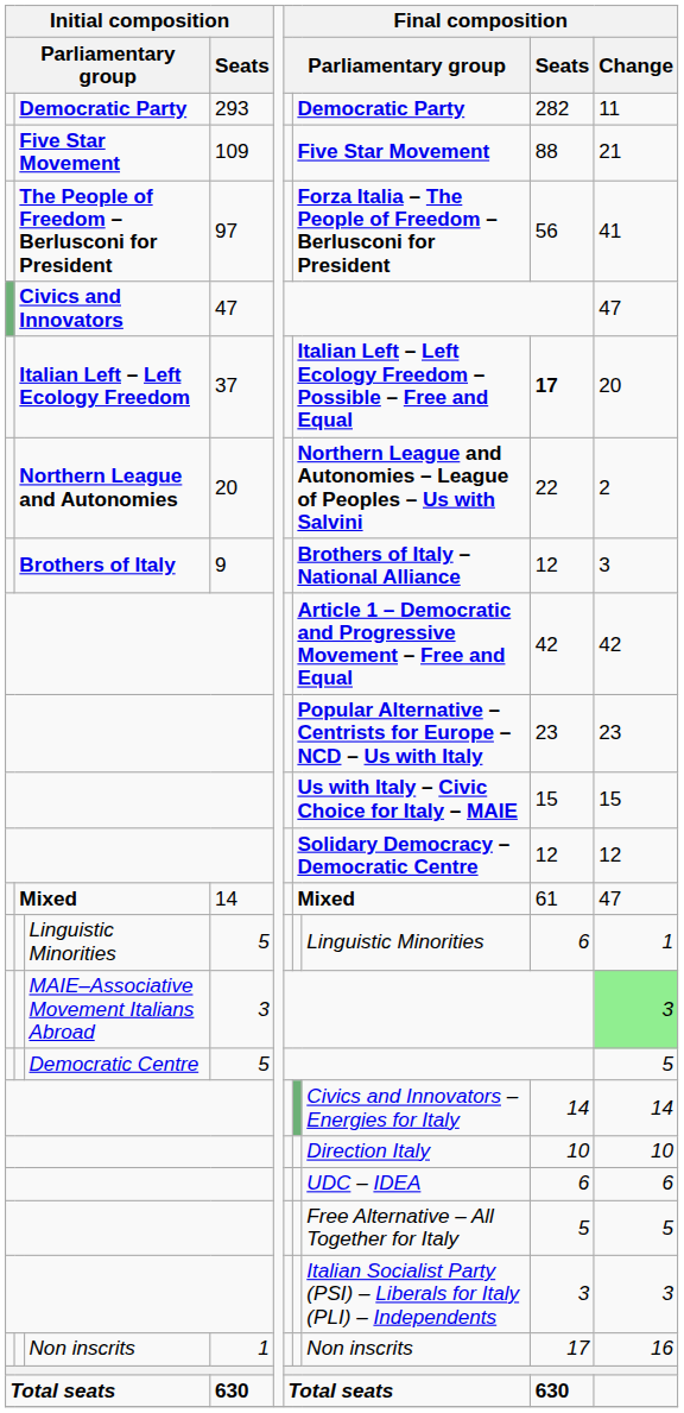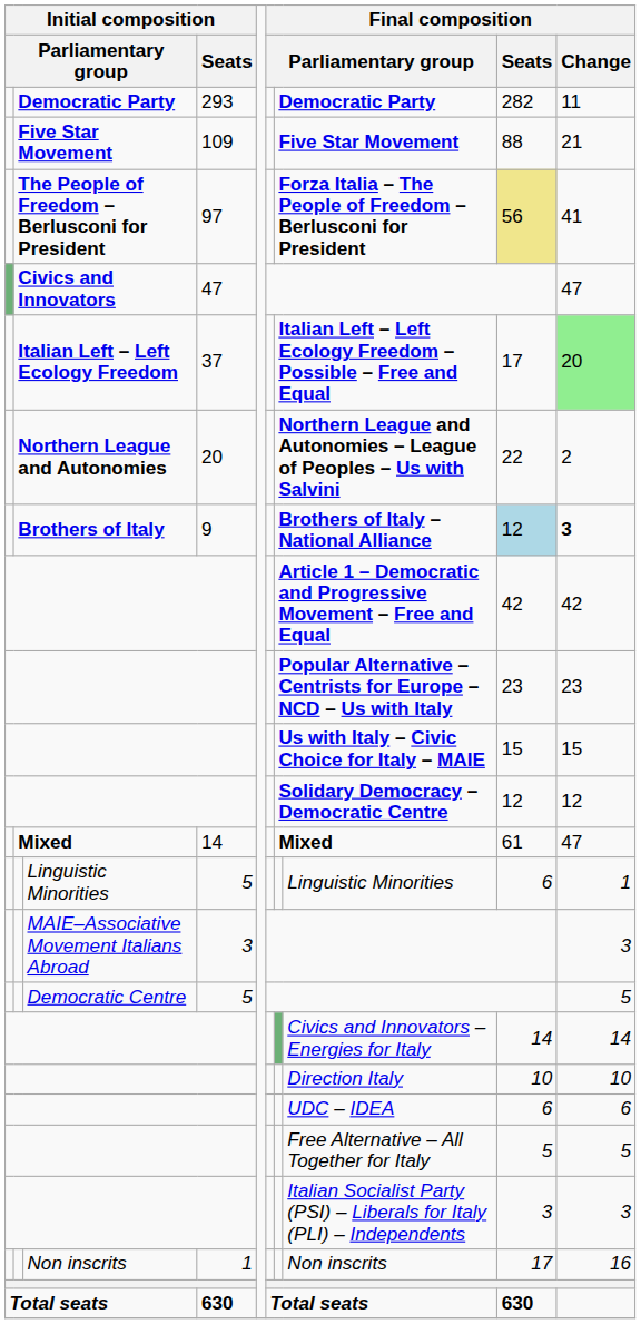 <table class="wikitable" style="width : 60%;">
 <tr>
 <th colspan="4">Initial composition</th>
 <td rowspan="25" style="width : 1%;"></td>
 <th colspan="5">Final composition</th>
 </tr>
 <tr>
 <th colspan="3">Parliamentary group</th>
 <th>Seats</th>
 <th colspan="3">Parliamentary group</th>
 <th>Seats</th>
 <th>Change</th>
 </tr>
 <tr>
 <td></td>
 <td colspan = "2"><strong><a href='#'>Democratic Party</a></strong></td>
 <td>293</td>
 <td></td>
 <td colspan = "2"><strong><a href='#'>Democratic Party</a></strong></td>
 <td>282</td>
 <td> 11</td>
 </tr>
 <tr>
 <td></td>
 <td colspan = "2"><strong><a href='#'>Five Star Movement</a></strong></td>
 <td>109</td>
 <td></td>
 <td colspan = "2"><strong><a href='#'>Five Star Movement</a></strong></td>
 <td>88</td>
 <td> 21</td>
 </tr>
 <tr>
 <td></td>
 <td colspan = "2"><strong><a href='#'>The People of Freedom</a> – Berlusconi for President</strong></td>
 <td>97</td>
 <td></td>
 <td colspan = "2"><strong><a href='#'>Forza Italia</a> – <a href='#'>The People of Freedom</a> – Berlusconi for President</strong></td>
-<td>56</td>
+<td style="background: khaki;">56</td>
 <td> 41</td>
 </tr>
 <tr>
 <td bgcolor="#6CB076" width=1%></td>
 <td colspan = "2"><strong><a href='#'>Civics and Innovators</a></strong></td>
 <td>47</td>
 <td colspan = "4"></td>
 <td> 47</td>
 </tr>
 <tr>
 <td></td>
 <td colspan = "2"><strong><a href='#'>Italian Left</a> – <a href='#'>Left Ecology Freedom</a></strong></td>
 <td>37</td>
 <td></td>
 <td colspan = "2"><strong><a href='#'>Italian Left</a> – <a href='#'>Left Ecology Freedom</a> – <a href='#'>Possible</a> – <a href='#'>Free and Equal</a></strong></td>
-<td><strong>17</strong></td>
-<td> 20</td>
+<td>17</td>
+<td style="background: lightgreen;"> 20</td>
 </tr>
 <tr>
 <td></td>
 <td colspan = "2"><strong><a href='#'>Northern League</a> and Autonomies</strong></td>
 <td>20</td>
 <td></td>
 <td colspan = "2"><strong><a href='#'>Northern League</a> and Autonomies – League of Peoples – <a href='#'>Us with Salvini</a></strong></td>
 <td>22</td>
 <td> 2</td>
 </tr>
 <tr>
 <td></td>
 <td colspan = "2"><strong><a href='#'>Brothers of Italy</a></strong></td>
 <td>9</td>
 <td></td>
 <td colspan = "2"><strong><a href='#'>Brothers of Italy</a> – <a href='#'>National Alliance</a></strong></td>
-<td>12</td>
-<td> 3</td>
+<td style="background: lightblue;">12</td>
+<td><strong> 3</strong></td>
 </tr>
 <tr>
 <td colspan = "4"></td>
 <td></td>
 <td colspan = "2"><strong><a href='#'>Article 1 – Democratic and Progressive Movement</a> – <a href='#'>Free and Equal</a></strong></td>
 <td>42</td>
 <td> 42</td>
 </tr>
 <tr>
 <td colspan = "4"></td>
 <td></td>
 <td colspan = "2"><strong><a href='#'>Popular Alternative</a> – <a href='#'>Centrists for Europe</a> – <a href='#'>NCD</a> – <a href='#'>Us with Italy</a></strong></td>
 <td>23</td>
 <td> 23</td>
 </tr>
 <tr>
 <td colspan = "4"></td>
 <td></td>
 <td colspan = "2"><strong><a href='#'>Us with Italy</a> – <a href='#'>Civic Choice for Italy</a> – <a href='#'>MAIE</a></strong></td>
 <td>15</td>
 <td> 15</td>
 </tr>
 <tr>
 <td colspan = "4"></td>
 <td></td>
 <td colspan = "2"><strong><a href='#'>Solidary Democracy</a> – <a href='#'>Democratic Centre</a></strong></td>
 <td>12</td>
 <td> 12</td>
 </tr>
 <tr>
 <td></td>
 <td colspan = "2"><strong>Mixed</strong></td>
 <td>14</td>
 <td></td>
 <td colspan = "2"><strong>Mixed</strong></td>
 <td>61</td>
 <td> 47</td>
 </tr>
 <tr>
 <td></td>
 <td></td>
 <td><em>Linguistic Minorities</em></td>
 <td align="right"><em>5</em></td>
 <td></td>
 <td></td>
 <td><em>Linguistic Minorities</em></td>
 <td align="right"><em>6</em></td>
 <td align="right"> <em>1</em></td>
 </tr>
 <tr>
 <td></td>
 <td></td>
 <td><em><a href='#'>MAIE–Associative Movement Italians Abroad</a></em></td>
 <td align="right"><em>3</em></td>
 <td colspan="4"></td>
-<td align="right" style="background: lightgreen;"> <em>3</em></td>
+<td align="right"> <em>3</em></td>
 </tr>
 <tr>
 <td></td>
 <td></td>
 <td><em><a href='#'>Democratic Centre</a></em></td>
 <td align="right"><em>5</em></td>
 <td colspan="4"></td>
 <td align="right"> <em>5</em></td>
 </tr>
 <tr>
 <td colspan="4"></td>
 <td></td>
 <td bgcolor="#6CB076" width=1%></td>
 <td><em><a href='#'>Civics and Innovators</a> – <a href='#'>Energies for Italy</a></em></td>
 <td align="right"><em>14</em></td>
 <td align="right"> <em>14</em></td>
 </tr>
 <tr>
 <td colspan="4"></td>
 <td></td>
 <td></td>
 <td><em><a href='#'>Direction Italy</a></em></td>
 <td align="right"><em>10</em></td>
 <td align="right"> <em>10</em></td>
 </tr>
 <tr>
 <td colspan="4"></td>
 <td></td>
 <td></td>
 <td><em><a href='#'>UDC</a> – <a href='#'>IDEA</a></em></td>
 <td align="right"><em>6</em></td>
 <td align="right"> <em>6</em></td>
 </tr>
 <tr>
 <td colspan="4"></td>
 <td></td>
 <td></td>
 <td><em>Free Alternative – All Together for Italy</em></td>
 <td align="right"><em>5</em></td>
 <td align="right"> <em>5</em></td>
 </tr>
 <tr>
 <td colspan="4"></td>
 <td></td>
 <td></td>
 <td><em><a href='#'>Italian Socialist Party</a> (PSI) – <a href='#'>Liberals for Italy</a> (PLI) – <a href='#'>Independents</a></em></td>
 <td align="right"><em>3</em></td>
 <td align="right"> <em>3</em></td>
 </tr>
 <tr>
 <td></td>
 <td></td>
 <td><em>Non inscrits</em></td>
 <td align="right"><em>1</em></td>
 <td></td>
 <td></td>
 <td><em>Non inscrits</em></td>
 <td align="right"><em>17</em></td>
 <td align="right"> <em>16</em></td>
 </tr>
 <tr>
 <th colspan="4"></th>
 <th colspan="5"></th>
 </tr>
 <tr>
 <td colspan="3"><strong><em>Total seats</em></strong></td>
 <td><strong>630</strong></td>
 <td colspan="3"><strong><em>Total seats</em></strong></td>
 <td><strong>630</strong></td>
 <td></td>
 </tr>
 <tr>
 </tr>
 </table>
